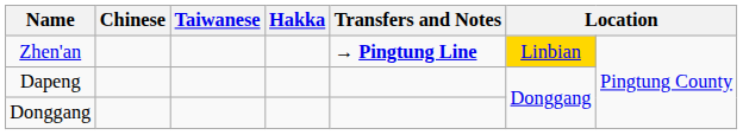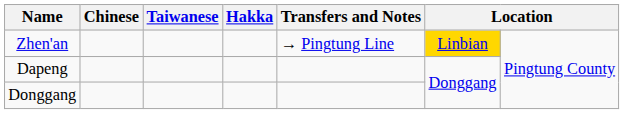 <table class="wikitable" style="text-align:center">
 <tr>
 <th>Name</th>
 <th>Chinese</th>
 <th><a href='#'>Taiwanese</a></th>
 <th><a href='#'>Hakka</a></th>
 <th>Transfers and Notes</th>
 <th colspan="2">Location</th>
 </tr>
 <tr>
 <td><a href='#'>Zhen'an</a></td>
 <td></td>
 <td></td>
 <td></td>
-<td align="left"><strong>→  <a href='#'>Pingtung Line</a></strong></td>
+<td align="left">→  <a href='#'>Pingtung Line</a></td>
 <td style="background: gold;"><a href='#'>Linbian</a></td>
 <td rowspan="3"><a href='#'>Pingtung County</a></td>
 </tr>
 <tr>
 <td>Dapeng</td>
 <td></td>
 <td></td>
 <td></td>
 <td> </td>
 <td rowspan="2"><a href='#'>Donggang</a></td>
 </tr>
 <tr>
 <td>Donggang</td>
 <td></td>
 <td></td>
 <td></td>
 <td> </td>
 </tr>
 </table>
